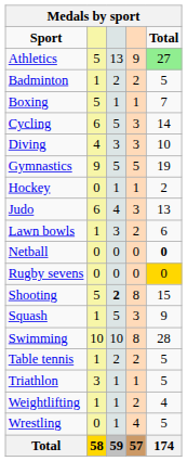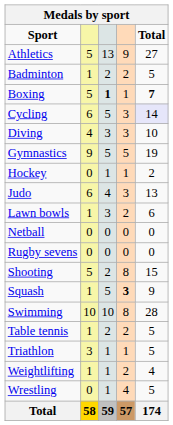 <table class="wikitable" style="float:right;">
 <tr>
 <th colspan=5>Medals by sport</th>
 </tr>
 <tr align=center>
 <td><strong>Sport</strong></td>
 <td bgcolor=#f7f6a8></td>
 <td bgcolor=#dce5e5></td>
 <td bgcolor=#ffdab9></td>
 <td><strong>Total</strong></td>
 </tr>
 <tr align=center>
 <td align=left><a href='#'>Athletics</a></td>
 <td bgcolor=#f7f6a8>5</td>
 <td bgcolor=#dce5e5>13</td>
 <td bgcolor=#ffdab9>9</td>
-<td style="background: lightgreen;">27</td>
+<td>27</td>
 </tr>
 <tr align=center>
 <td align=left><a href='#'>Badminton</a></td>
 <td bgcolor=#f7f6a8>1</td>
 <td bgcolor=#dce5e5>2</td>
 <td bgcolor=#ffdab9>2</td>
 <td>5</td>
 </tr>
 <tr align=center>
 <td align=left><a href='#'>Boxing</a></td>
 <td bgcolor=#f7f6a8>5</td>
-<td bgcolor=#dce5e5>1</td>
+<td bgcolor=#dce5e5><strong>1</strong></td>
 <td bgcolor=#ffdab9>1</td>
-<td>7</td>
+<td><strong>7</strong></td>
 </tr>
 <tr align=center>
 <td align=left><a href='#'>Cycling</a></td>
 <td bgcolor=#f7f6a8>6</td>
 <td bgcolor=#dce5e5>5</td>
 <td bgcolor=#ffdab9>3</td>
-<td>14</td>
+<td style="background: lavender;">14</td>
 </tr>
 <tr align=center>
 <td align=left><a href='#'>Diving</a></td>
 <td bgcolor=#f7f6a8>4</td>
 <td bgcolor=#dce5e5>3</td>
 <td bgcolor=#ffdab9>3</td>
 <td>10</td>
 </tr>
 <tr align=center>
 <td align=left><a href='#'>Gymnastics</a></td>
 <td bgcolor=#f7f6a8>9</td>
 <td bgcolor=#dce5e5>5</td>
 <td bgcolor=#ffdab9>5</td>
 <td>19</td>
 </tr>
 <tr align=center>
 <td align=left><a href='#'>Hockey</a></td>
 <td bgcolor=#f7f6a8>0</td>
 <td bgcolor=#dce5e5>1</td>
 <td bgcolor=#ffdab9>1</td>
 <td>2</td>
 </tr>
 <tr align=center>
 <td align=left><a href='#'>Judo</a></td>
 <td bgcolor=#f7f6a8>6</td>
 <td bgcolor=#dce5e5>4</td>
 <td bgcolor=#ffdab9>3</td>
 <td>13</td>
 </tr>
 <tr align=center>
 <td align=left><a href='#'>Lawn bowls</a></td>
 <td bgcolor=#f7f6a8>1</td>
 <td bgcolor=#dce5e5>3</td>
 <td bgcolor=#ffdab9>2</td>
 <td>6</td>
 </tr>
 <tr align=center>
 <td align=left><a href='#'>Netball</a></td>
 <td bgcolor=#f7f6a8>0</td>
 <td bgcolor=#dce5e5>0</td>
 <td bgcolor=#ffdab9>0</td>
-<td><strong>0</strong></td>
+<td>0</td>
 </tr>
 <tr align=center>
 <td align=left><a href='#'>Rugby sevens</a></td>
 <td bgcolor=#f7f6a8>0</td>
 <td bgcolor=#dce5e5>0</td>
 <td bgcolor=#ffdab9>0</td>
-<td style="background: gold;">0</td>
+<td>0</td>
 </tr>
 <tr align=center>
 <td align=left><a href='#'>Shooting</a></td>
 <td bgcolor=#f7f6a8>5</td>
-<td bgcolor=#dce5e5><strong>2</strong></td>
+<td bgcolor=#dce5e5>2</td>
 <td bgcolor=#ffdab9>8</td>
 <td>15</td>
 </tr>
 <tr align=center>
 <td align=left><a href='#'>Squash</a></td>
 <td bgcolor=#f7f6a8>1</td>
 <td style="background:#dce5e5;">5</td>
-<td bgcolor=#ffdab9>3</td>
+<td bgcolor=#ffdab9><strong>3</strong></td>
 <td>9</td>
 </tr>
 <tr align=center>
 <td align=left><a href='#'>Swimming</a></td>
 <td bgcolor=#f7f6a8>10</td>
 <td bgcolor=#dce5e5>10</td>
 <td bgcolor=#ffdab9>8</td>
 <td>28</td>
 </tr>
 <tr align=center>
 <td align=left><a href='#'>Table tennis</a></td>
 <td bgcolor=#f7f6a8>1</td>
 <td bgcolor=#dce5e5>2</td>
 <td bgcolor=#ffdab9>2</td>
 <td>5</td>
 </tr>
 <tr align=center>
 <td align=left><a href='#'>Triathlon</a></td>
 <td bgcolor=#f7f6a8>3</td>
 <td bgcolor=#dce5e5>1</td>
 <td bgcolor=#ffdab9>1</td>
 <td>5</td>
 </tr>
 <tr align=center>
 <td align=left><a href='#'>Weightlifting</a></td>
 <td bgcolor=#f7f6a8>1</td>
 <td bgcolor=#dce5e5>1</td>
 <td bgcolor=#ffdab9>2</td>
 <td>4</td>
 </tr>
 <tr align=center>
 <td align=left><a href='#'>Wrestling</a></td>
 <td bgcolor=#f7f6a8>0</td>
 <td bgcolor=#dce5e5>1</td>
 <td bgcolor=#ffdab9>4</td>
 <td>5</td>
 </tr>
 <tr align=center>
 <th bgcolor=#efefef>Total</th>
 <th style="background:gold;">58</th>
 <th style="background:silver;">59</th>
 <th style="background:#c96;">57</th>
 <th>174</th>
 </tr>
 </table>
